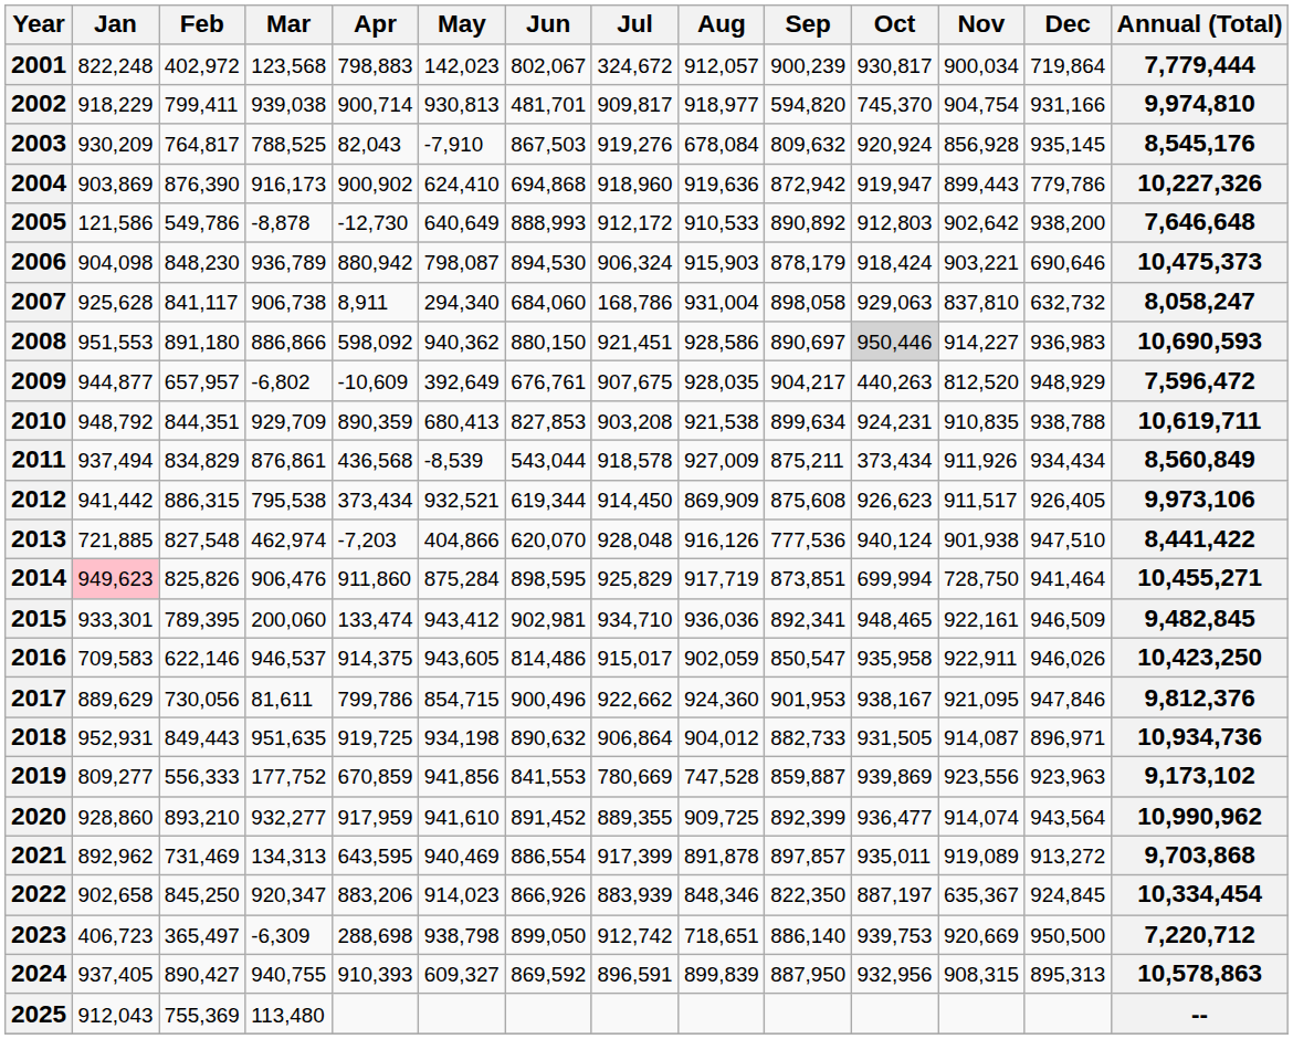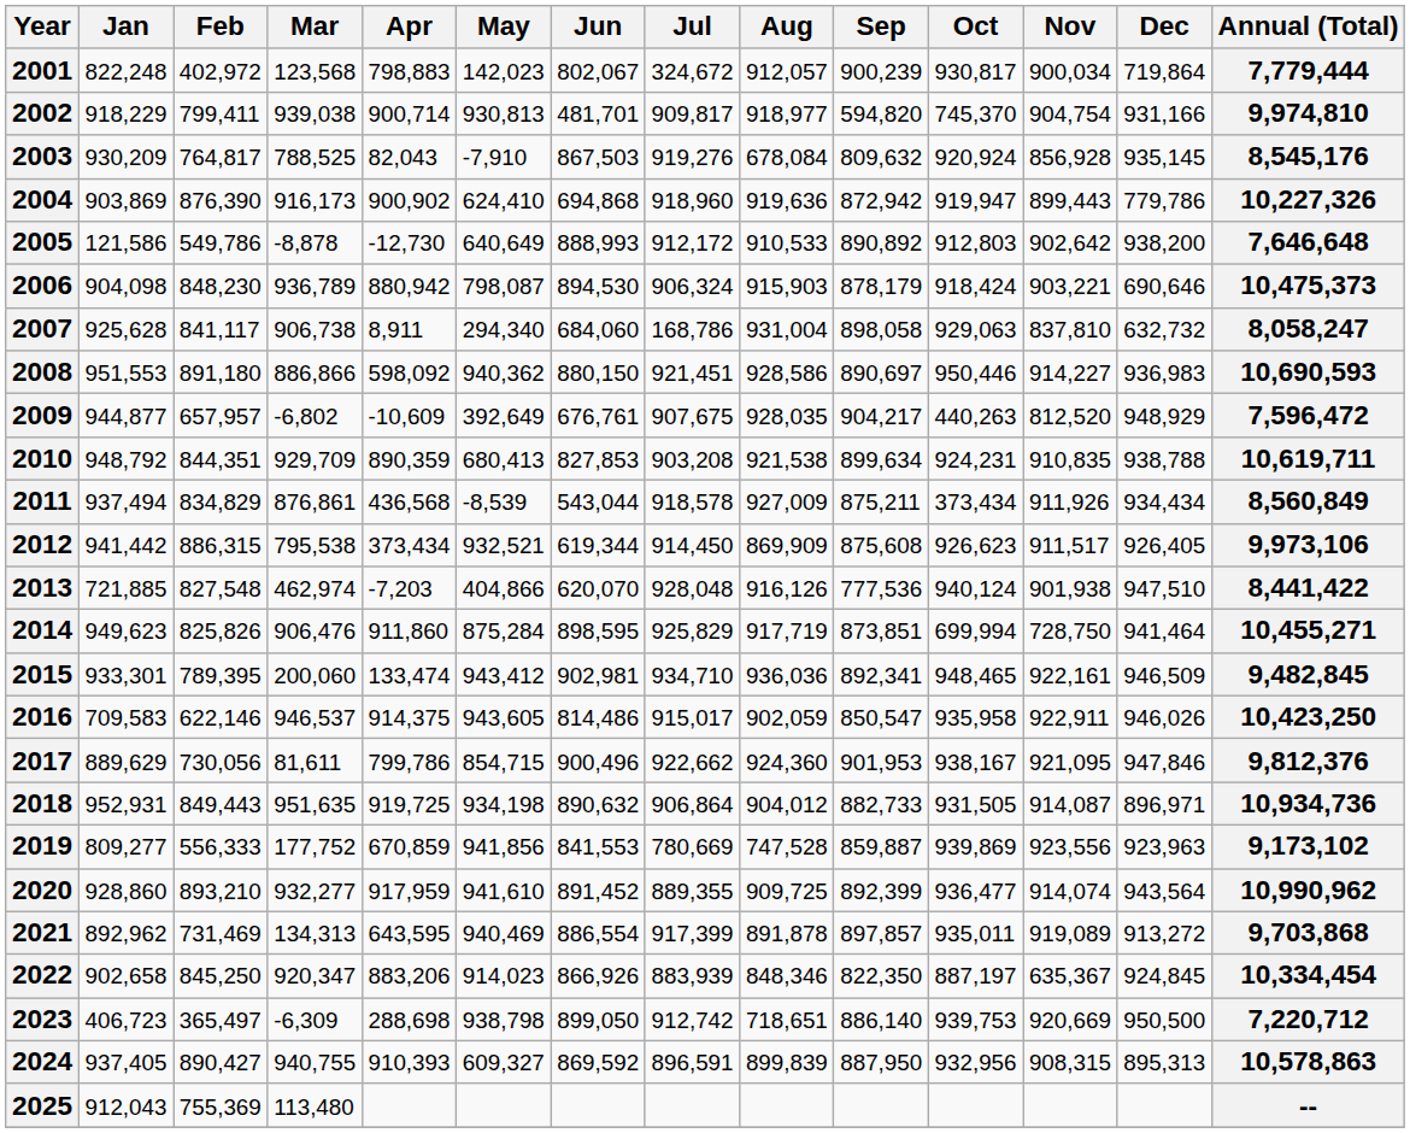 <table class="wikitable">
 <tr>
 <th>Year</th>
 <th>Jan</th>
 <th>Feb</th>
 <th>Mar</th>
 <th>Apr</th>
 <th>May</th>
 <th>Jun</th>
 <th>Jul</th>
 <th>Aug</th>
 <th>Sep</th>
 <th>Oct</th>
 <th>Nov</th>
 <th>Dec</th>
 <th>Annual (Total)</th>
 </tr>
 <tr>
 <th>2001</th>
 <td><small>822,248</small></td>
 <td><small>402,972</small></td>
 <td><small>123,568</small></td>
 <td><small>798,883</small></td>
 <td><small>142,023</small></td>
 <td><small>802,067</small></td>
 <td><small>324,672</small></td>
 <td><small>912,057</small></td>
 <td><small>900,239</small></td>
 <td><small>930,817</small></td>
 <td><small>900,034</small></td>
 <td><small>719,864</small></td>
 <th>7,779,444</th>
 </tr>
 <tr>
 <th>2002</th>
 <td><small>918,229</small></td>
 <td><small>799,411</small></td>
 <td><small>939,038</small></td>
 <td><small>900,714</small></td>
 <td><small>930,813</small></td>
 <td><small>481,701</small></td>
 <td><small>909,817</small></td>
 <td><small>918,977</small></td>
 <td><small>594,820</small></td>
 <td><small>745,370</small></td>
 <td><small>904,754</small></td>
 <td><small>931,166</small></td>
 <th>9,974,810</th>
 </tr>
 <tr>
 <th>2003</th>
 <td><small>930,209</small></td>
 <td><small>764,817</small></td>
 <td><small>788,525</small></td>
 <td><small>82,043</small></td>
 <td><small>-7,910</small></td>
 <td><small>867,503</small></td>
 <td><small>919,276</small></td>
 <td><small>678,084</small></td>
 <td><small>809,632</small></td>
 <td><small>920,924</small></td>
 <td><small>856,928</small></td>
 <td><small>935,145</small></td>
 <th>8,545,176</th>
 </tr>
 <tr>
 <th>2004</th>
 <td><small>903,869</small></td>
 <td><small>876,390</small></td>
 <td><small>916,173</small></td>
 <td><small>900,902</small></td>
 <td><small>624,410</small></td>
 <td><small>694,868</small></td>
 <td><small>918,960</small></td>
 <td><small>919,636</small></td>
 <td><small>872,942</small></td>
 <td><small>919,947</small></td>
 <td><small>899,443</small></td>
 <td><small>779,786</small></td>
 <th>10,227,326</th>
 </tr>
 <tr>
 <th>2005</th>
 <td><small>121,586</small></td>
 <td><small>549,786</small></td>
 <td><small>-8,878</small></td>
 <td><small>-12,730</small></td>
 <td><small>640,649</small></td>
 <td><small>888,993</small></td>
 <td><small>912,172</small></td>
 <td><small>910,533</small></td>
 <td><small>890,892</small></td>
 <td><small>912,803</small></td>
 <td><small>902,642</small></td>
 <td><small>938,200</small></td>
 <th>7,646,648</th>
 </tr>
 <tr>
 <th>2006</th>
 <td><small>904,098</small></td>
 <td><small>848,230</small></td>
 <td><small>936,789</small></td>
 <td><small>880,942</small></td>
 <td><small>798,087</small></td>
 <td><small>894,530</small></td>
 <td><small>906,324</small></td>
 <td><small>915,903</small></td>
 <td><small>878,179</small></td>
 <td><small>918,424</small></td>
 <td><small>903,221</small></td>
 <td><small>690,646</small></td>
 <th>10,475,373</th>
 </tr>
 <tr>
 <th>2007</th>
 <td><small>925,628</small></td>
 <td><small>841,117</small></td>
 <td><small>906,738</small></td>
 <td><small>8,911</small></td>
 <td><small>294,340</small></td>
 <td><small>684,060</small></td>
 <td><small>168,786</small></td>
 <td><small>931,004</small></td>
 <td><small>898,058</small></td>
 <td><small>929,063</small></td>
 <td><small>837,810</small></td>
 <td><small>632,732</small></td>
 <th>8,058,247</th>
 </tr>
 <tr>
 <th>2008</th>
 <td><small>951,553</small></td>
 <td><small>891,180</small></td>
 <td><small>886,866</small></td>
 <td><small>598,092</small></td>
 <td><small>940,362</small></td>
 <td><small>880,150</small></td>
 <td><small>921,451</small></td>
 <td><small>928,586</small></td>
 <td><small>890,697</small></td>
-<td style="background: lightgrey;"><small>950,446</small></td>
+<td><small>950,446</small></td>
 <td><small>914,227</small></td>
 <td><small>936,983</small></td>
 <th>10,690,593</th>
 </tr>
 <tr>
 <th>2009</th>
 <td><small>944,877</small></td>
 <td><small>657,957</small></td>
 <td><small>-6,802</small></td>
 <td><small>-10,609</small></td>
 <td><small>392,649</small></td>
 <td><small>676,761</small></td>
 <td><small>907,675</small></td>
 <td><small>928,035</small></td>
 <td><small>904,217</small></td>
 <td><small>440,263</small></td>
 <td><small>812,520</small></td>
 <td><small>948,929</small></td>
 <th>7,596,472</th>
 </tr>
 <tr>
 <th>2010</th>
 <td><small>948,792</small></td>
 <td><small>844,351</small></td>
 <td><small>929,709</small></td>
 <td><small>890,359</small></td>
 <td><small>680,413</small></td>
 <td><small>827,853</small></td>
 <td><small>903,208</small></td>
 <td><small>921,538</small></td>
 <td><small>899,634</small></td>
 <td><small>924,231</small></td>
 <td><small>910,835</small></td>
 <td><small>938,788</small></td>
 <th>10,619,711</th>
 </tr>
 <tr>
 <th>2011</th>
 <td><small>937,494</small></td>
 <td><small>834,829</small></td>
 <td><small>876,861</small></td>
 <td><small>436,568</small></td>
 <td><small>-8,539</small></td>
 <td><small>543,044</small></td>
 <td><small>918,578</small></td>
 <td><small>927,009</small></td>
 <td><small>875,211</small></td>
 <td><small>373,434</small></td>
 <td><small>911,926</small></td>
 <td><small>934,434</small></td>
 <th>8,560,849</th>
 </tr>
 <tr>
 <th>2012</th>
 <td><small>941,442</small></td>
 <td><small>886,315</small></td>
 <td><small>795,538</small></td>
 <td><small>373,434</small></td>
 <td><small>932,521</small></td>
 <td><small>619,344</small></td>
 <td><small>914,450</small></td>
 <td><small>869,909</small></td>
 <td><small>875,608</small></td>
 <td><small>926,623</small></td>
 <td><small>911,517</small></td>
 <td><small>926,405</small></td>
 <th>9,973,106</th>
 </tr>
 <tr>
 <th>2013</th>
 <td><small>721,885</small></td>
 <td><small>827,548</small></td>
 <td><small>462,974</small></td>
 <td><small>-7,203</small></td>
 <td><small>404,866</small></td>
 <td><small>620,070</small></td>
 <td><small>928,048</small></td>
 <td><small>916,126</small></td>
 <td><small>777,536</small></td>
 <td><small>940,124</small></td>
 <td><small>901,938</small></td>
 <td><small>947,510</small></td>
 <th>8,441,422</th>
 </tr>
 <tr>
 <th>2014</th>
-<td style="background: pink;"><small>949,623</small></td>
+<td><small>949,623</small></td>
 <td><small>825,826</small></td>
 <td><small>906,476</small></td>
 <td><small>911,860</small></td>
 <td><small>875,284</small></td>
 <td><small>898,595</small></td>
 <td><small>925,829</small></td>
 <td><small>917,719</small></td>
 <td><small>873,851</small></td>
 <td><small>699,994</small></td>
 <td><small>728,750</small></td>
 <td><small>941,464</small></td>
 <th>10,455,271</th>
 </tr>
 <tr>
 <th>2015</th>
 <td><small>933,301</small></td>
 <td><small>789,395</small></td>
 <td><small>200,060</small></td>
 <td><small>133,474</small></td>
 <td><small>943,412</small></td>
 <td><small>902,981</small></td>
 <td><small>934,710</small></td>
 <td><small>936,036</small></td>
 <td><small>892,341</small></td>
 <td><small>948,465</small></td>
 <td><small>922,161</small></td>
 <td><small>946,509</small></td>
 <th>9,482,845</th>
 </tr>
 <tr>
 <th>2016</th>
 <td><small>709,583</small></td>
 <td><small>622,146</small></td>
 <td><small>946,537</small></td>
 <td><small>914,375</small></td>
 <td><small>943,605</small></td>
 <td><small>814,486</small></td>
 <td><small>915,017</small></td>
 <td><small>902,059</small></td>
 <td><small>850,547</small></td>
 <td><small>935,958</small></td>
 <td><small>922,911</small></td>
 <td><small>946,026</small></td>
 <th>10,423,250</th>
 </tr>
 <tr>
 <th>2017</th>
 <td><small>889,629</small></td>
 <td><small>730,056</small></td>
 <td><small>81,611</small></td>
 <td><small>799,786</small></td>
 <td><small>854,715</small></td>
 <td><small>900,496</small></td>
 <td><small>922,662</small></td>
 <td><small>924,360</small></td>
 <td><small>901,953</small></td>
 <td><small>938,167</small></td>
 <td><small>921,095</small></td>
 <td><small>947,846</small></td>
 <th>9,812,376</th>
 </tr>
 <tr>
 <th>2018</th>
 <td><small>952,931</small></td>
 <td><small>849,443</small></td>
 <td><small>951,635</small></td>
 <td><small>919,725</small></td>
 <td><small>934,198</small></td>
 <td><small>890,632</small></td>
 <td><small>906,864</small></td>
 <td><small>904,012</small></td>
 <td><small>882,733</small></td>
 <td><small>931,505</small></td>
 <td><small>914,087</small></td>
 <td><small>896,971</small></td>
 <th>10,934,736</th>
 </tr>
 <tr>
 <th>2019</th>
 <td><small>809,277</small></td>
 <td><small>556,333</small></td>
 <td><small>177,752</small></td>
 <td><small>670,859</small></td>
 <td><small>941,856</small></td>
 <td><small>841,553</small></td>
 <td><small>780,669</small></td>
 <td><small>747,528</small></td>
 <td><small>859,887</small></td>
 <td><small>939,869</small></td>
 <td><small>923,556</small></td>
 <td><small>923,963</small></td>
 <th>9,173,102</th>
 </tr>
 <tr>
 <th>2020</th>
 <td><small>928,860</small></td>
 <td><small>893,210</small></td>
 <td><small>932,277</small></td>
 <td><small>917,959</small></td>
 <td><small>941,610</small></td>
 <td><small>891,452</small></td>
 <td><small>889,355</small></td>
 <td><small>909,725</small></td>
 <td><small>892,399</small></td>
 <td><small>936,477</small></td>
 <td><small>914,074</small></td>
 <td><small>943,564</small></td>
 <th>10,990,962</th>
 </tr>
 <tr>
 <th>2021</th>
 <td><small>892,962</small></td>
 <td><small>731,469</small></td>
 <td><small>134,313</small></td>
 <td><small>643,595</small></td>
 <td><small>940,469</small></td>
 <td><small>886,554</small></td>
 <td><small>917,399</small></td>
 <td><small>891,878</small></td>
 <td><small>897,857</small></td>
 <td><small>935,011</small></td>
 <td><small>919,089</small></td>
 <td><small>913,272</small></td>
 <th>9,703,868</th>
 </tr>
 <tr>
 <th>2022</th>
 <td><small>902,658</small></td>
 <td><small>845,250</small></td>
 <td><small>920,347</small></td>
 <td><small>883,206</small></td>
 <td><small>914,023</small></td>
 <td><small>866,926</small></td>
 <td><small>883,939</small></td>
 <td><small>848,346</small></td>
 <td><small>822,350</small></td>
 <td><small>887,197</small></td>
 <td><small>635,367</small></td>
 <td><small>924,845</small></td>
 <th>10,334,454</th>
 </tr>
 <tr>
 <th>2023</th>
 <td><small>406,723</small></td>
 <td><small>365,497</small></td>
 <td><small>-6,309</small></td>
 <td><small>288,698</small></td>
 <td><small>938,798</small></td>
 <td><small>899,050</small></td>
 <td><small>912,742</small></td>
 <td><small>718,651</small></td>
 <td><small>886,140</small></td>
 <td><small>939,753</small></td>
 <td><small>920,669</small></td>
 <td><small>950,500</small></td>
 <th>7,220,712</th>
 </tr>
 <tr>
 <th>2024</th>
 <td><small>937,405</small></td>
 <td><small>890,427</small></td>
 <td><small>940,755</small></td>
 <td><small>910,393</small></td>
 <td><small>609,327</small></td>
 <td><small>869,592</small></td>
 <td><small>896,591</small></td>
 <td><small>899,839</small></td>
 <td><small>887,950</small></td>
 <td><small>932,956</small></td>
 <td><small>908,315</small></td>
 <td><small>895,313</small></td>
 <th>10,578,863</th>
 </tr>
 <tr>
 <th>2025</th>
 <td><small>912,043</small></td>
 <td><small>755,369</small></td>
 <td><small>113,480</small></td>
 <td><small></small></td>
 <td><small></small></td>
 <td><small></small></td>
 <td><small></small></td>
 <td><small></small></td>
 <td><small></small></td>
 <td><small></small></td>
 <td><small></small></td>
 <td><small></small></td>
 <th>--</th>
 </tr>
 <tr>
 </tr>
 </table>
